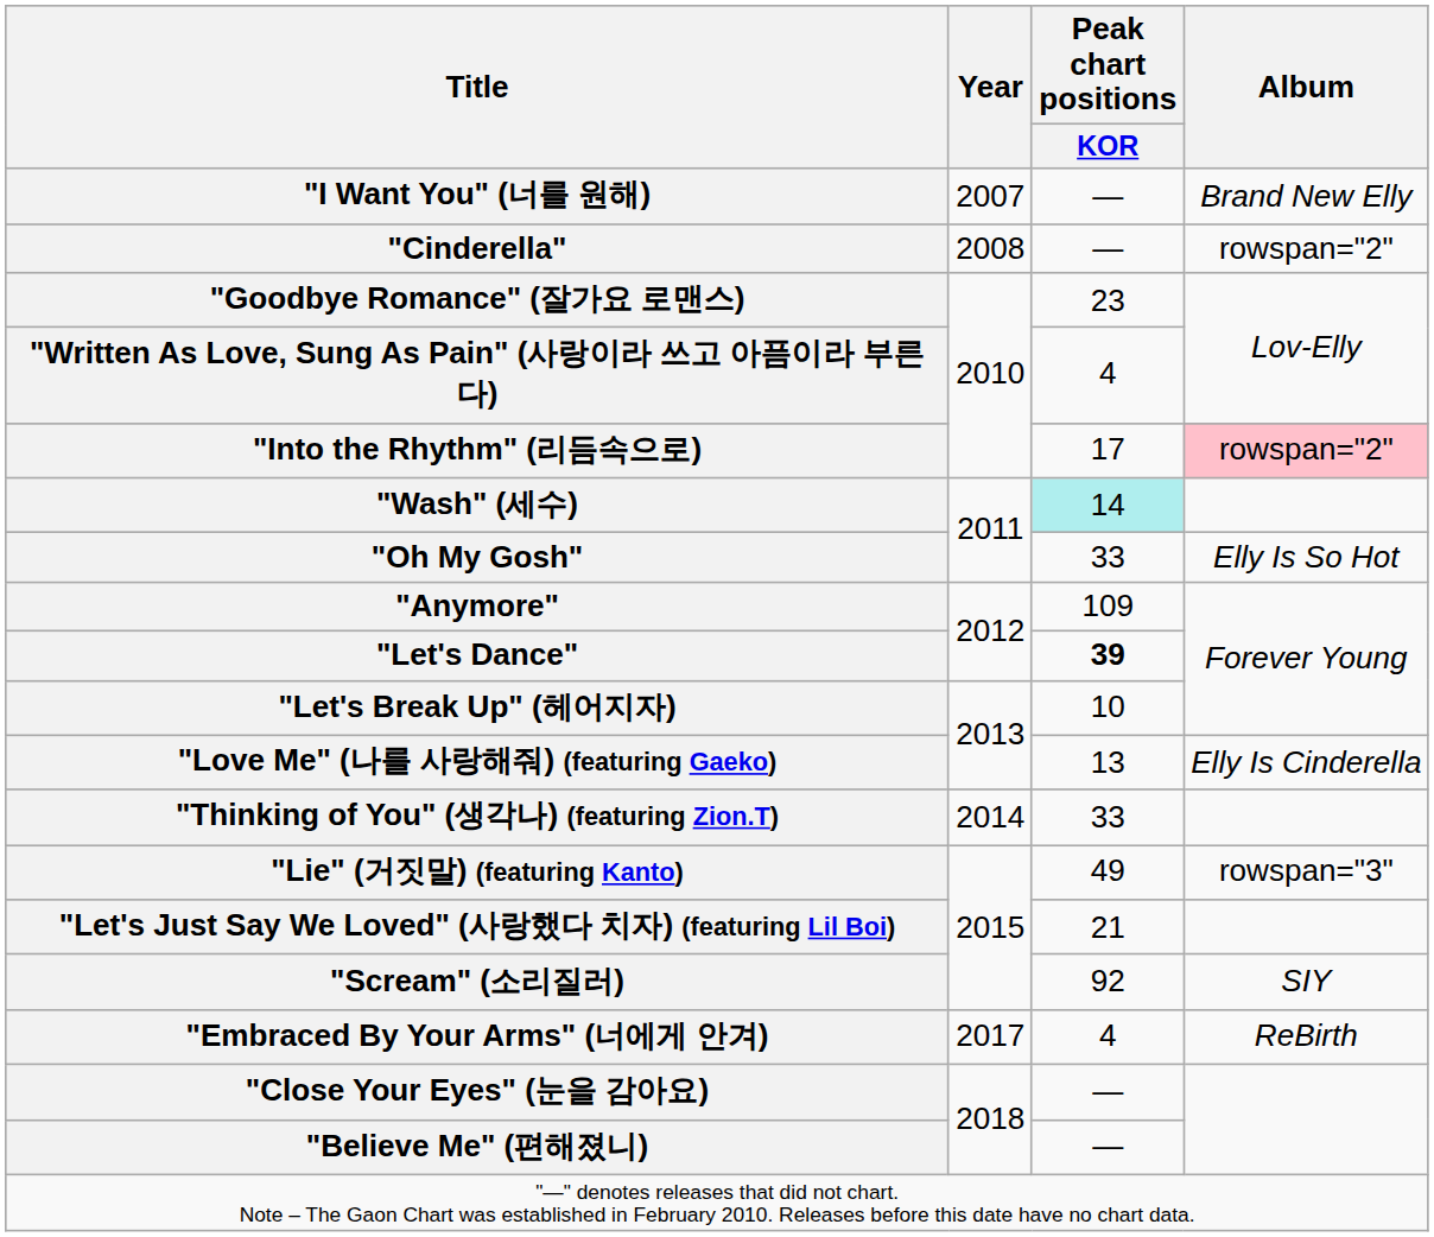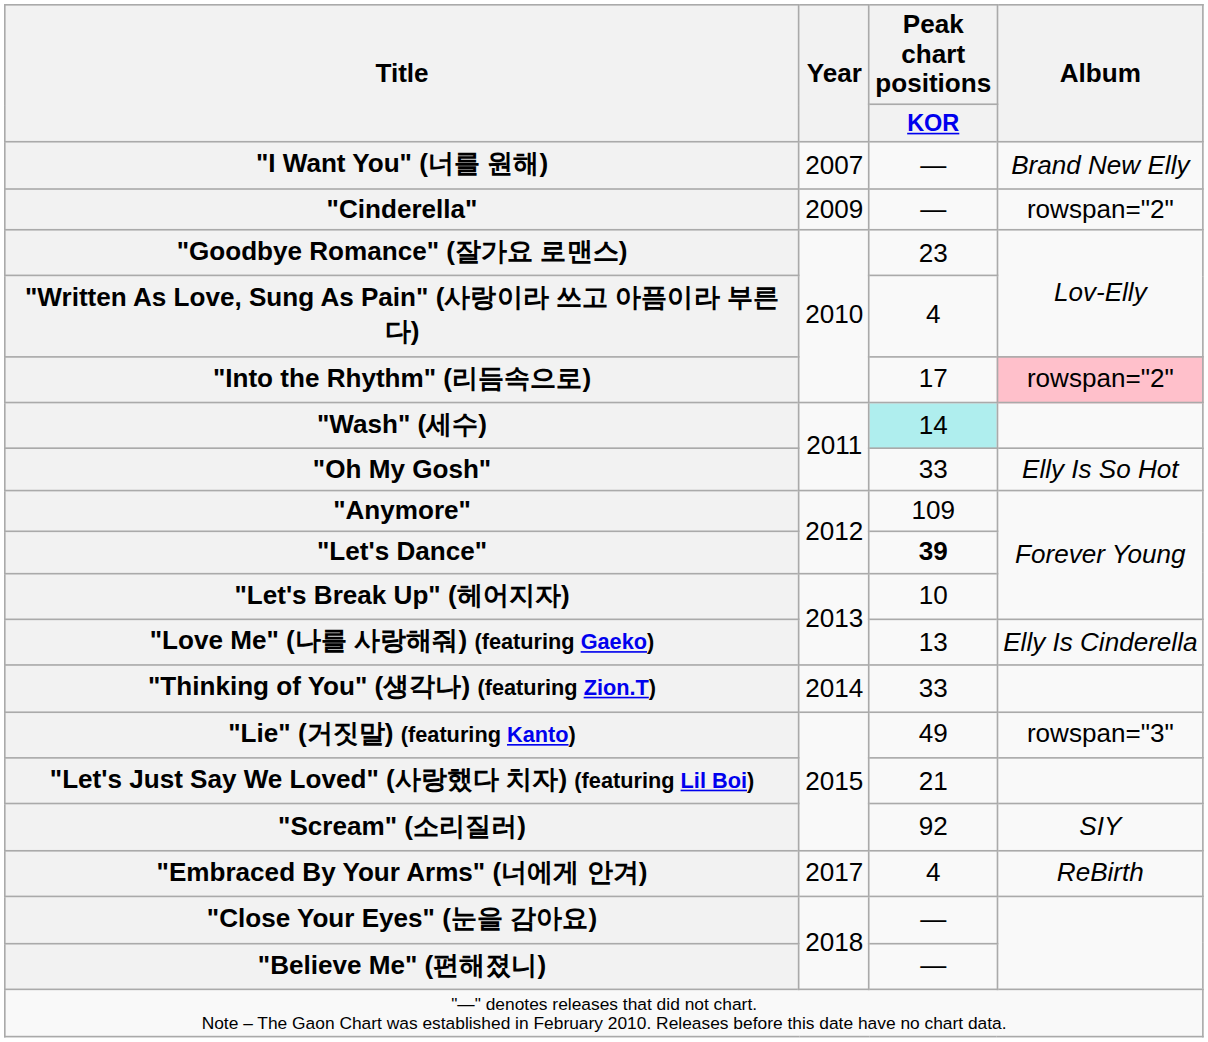 <table class="wikitable plainrowheaders" style="text-align:center;">
 <tr>
 <th rowspan="2" scope="col" style="width:30em;">Title</th>
 <th rowspan="2" scope="col">Year</th>
 <th colspan="1" scope="col">Peak chart positions</th>
 <th rowspan="2" scope="col">Album</th>
 </tr>
 <tr>
 <th style="width:3em;font-size:90%"><a href='#'>KOR</a><br></th>
 </tr>
 <tr>
 <th scope="row">"I Want You" (너를 원해)</th>
 <td>2007</td>
 <td>—</td>
 <td><em>Brand New Elly</em></td>
 </tr>
 <tr>
 <th scope="row">"Cinderella"</th>
-<td>2008</td>
+<td>2009</td>
 <td>—</td>
 <td>rowspan="2" </td>
 </tr>
 <tr>
 <th scope="row">"Goodbye Romance" (잘가요 로맨스)</th>
 <td rowspan="3">2010</td>
 <td>23</td>
 <td rowspan="2"><em>Lov-Elly</em></td>
 </tr>
 <tr>
 <th scope="row">"Written As Love, Sung As Pain" (사랑이라 쓰고 아픔이라 부른다)</th>
 <td>4</td>
 </tr>
 <tr>
 <th scope="row">"Into the Rhythm" (리듬속으로)</th>
 <td>17</td>
 <td style="background: pink;">rowspan="2" </td>
 </tr>
 <tr>
 <th scope="row">"Wash" (세수)</th>
 <td rowspan="2">2011</td>
 <td style="background: paleturquoise;">14</td>
 </tr>
 <tr>
 <th scope="row">"Oh My Gosh"</th>
 <td>33</td>
 <td><em>Elly Is So Hot</em></td>
 </tr>
 <tr>
 <th scope="row">"Anymore"</th>
 <td rowspan="2">2012</td>
 <td>109</td>
 <td rowspan="3"><em>Forever Young</em></td>
 </tr>
 <tr>
 <th scope="row">"Let's Dance"</th>
 <td><strong>39</strong></td>
 </tr>
 <tr>
 <th scope="row">"Let's Break Up" (헤어지자)</th>
 <td rowspan="2">2013</td>
 <td>10</td>
 </tr>
 <tr>
 <th scope="row">"Love Me" (나를 사랑해줘) <small>(featuring <a href='#'>Gaeko</a>)</small></th>
 <td>13</td>
 <td><em>Elly Is Cinderella</em></td>
 </tr>
 <tr>
 <th scope="row">"Thinking of You" (생각나) <small>(featuring <a href='#'>Zion.T</a>)</small></th>
 <td>2014</td>
 <td>33</td>
 </tr>
 <tr>
 <th scope="row">"Lie" (거짓말) <small>(featuring <a href='#'>Kanto</a>)</small></th>
 <td rowspan="3">2015</td>
 <td>49</td>
 <td>rowspan="3" </td>
 </tr>
 <tr>
 <th scope="row">"Let's Just Say We Loved" (사랑했다 치자) <small>(featuring <a href='#'>Lil Boi</a>)</small></th>
 <td>21</td>
 <td></td>
 </tr>
 <tr>
 <th scope="row">"Scream" (소리질러)</th>
 <td>92</td>
 <td><em>SIY</em></td>
 </tr>
 <tr>
 <th scope="row">"Embraced By Your Arms" (너에게 안겨)</th>
 <td>2017</td>
 <td>4</td>
 <td><em>ReBirth</em></td>
 </tr>
 <tr>
 <th scope="row">"Close Your Eyes" (눈을 감아요)</th>
 <td rowspan="2">2018</td>
 <td>—</td>
 </tr>
 <tr>
 <th scope="row">"Believe Me" (편해졌니)</th>
 <td>—</td>
 </tr>
 <tr>
 <td colspan="4" style="font-size:8pt;">"—" denotes releases that did not chart.<br>Note – The Gaon Chart was established in February 2010.  Releases before this date have no chart data.</td>
 </tr>
 </table>
